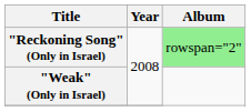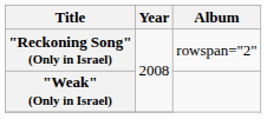 <table class="wikitable plainrowheaders" style="text-align:center;">
 <tr>
 <th scope="col">Title</th>
 <th scope="col">Year</th>
 <th scope="col">Album</th>
 </tr>
 <tr>
 <th scope="row">"Reckoning Song"<br><small>(Only in Israel)</small></th>
 <td rowspan="2">2008</td>
-<td style="background: lightgreen;">rowspan="2" </td>
+<td>rowspan="2" </td>
 </tr>
 <tr>
 <th scope="row">"Weak"<br><small>(Only in Israel)</small></th>
 </tr>
 <tr>
 </tr>
 </table>
